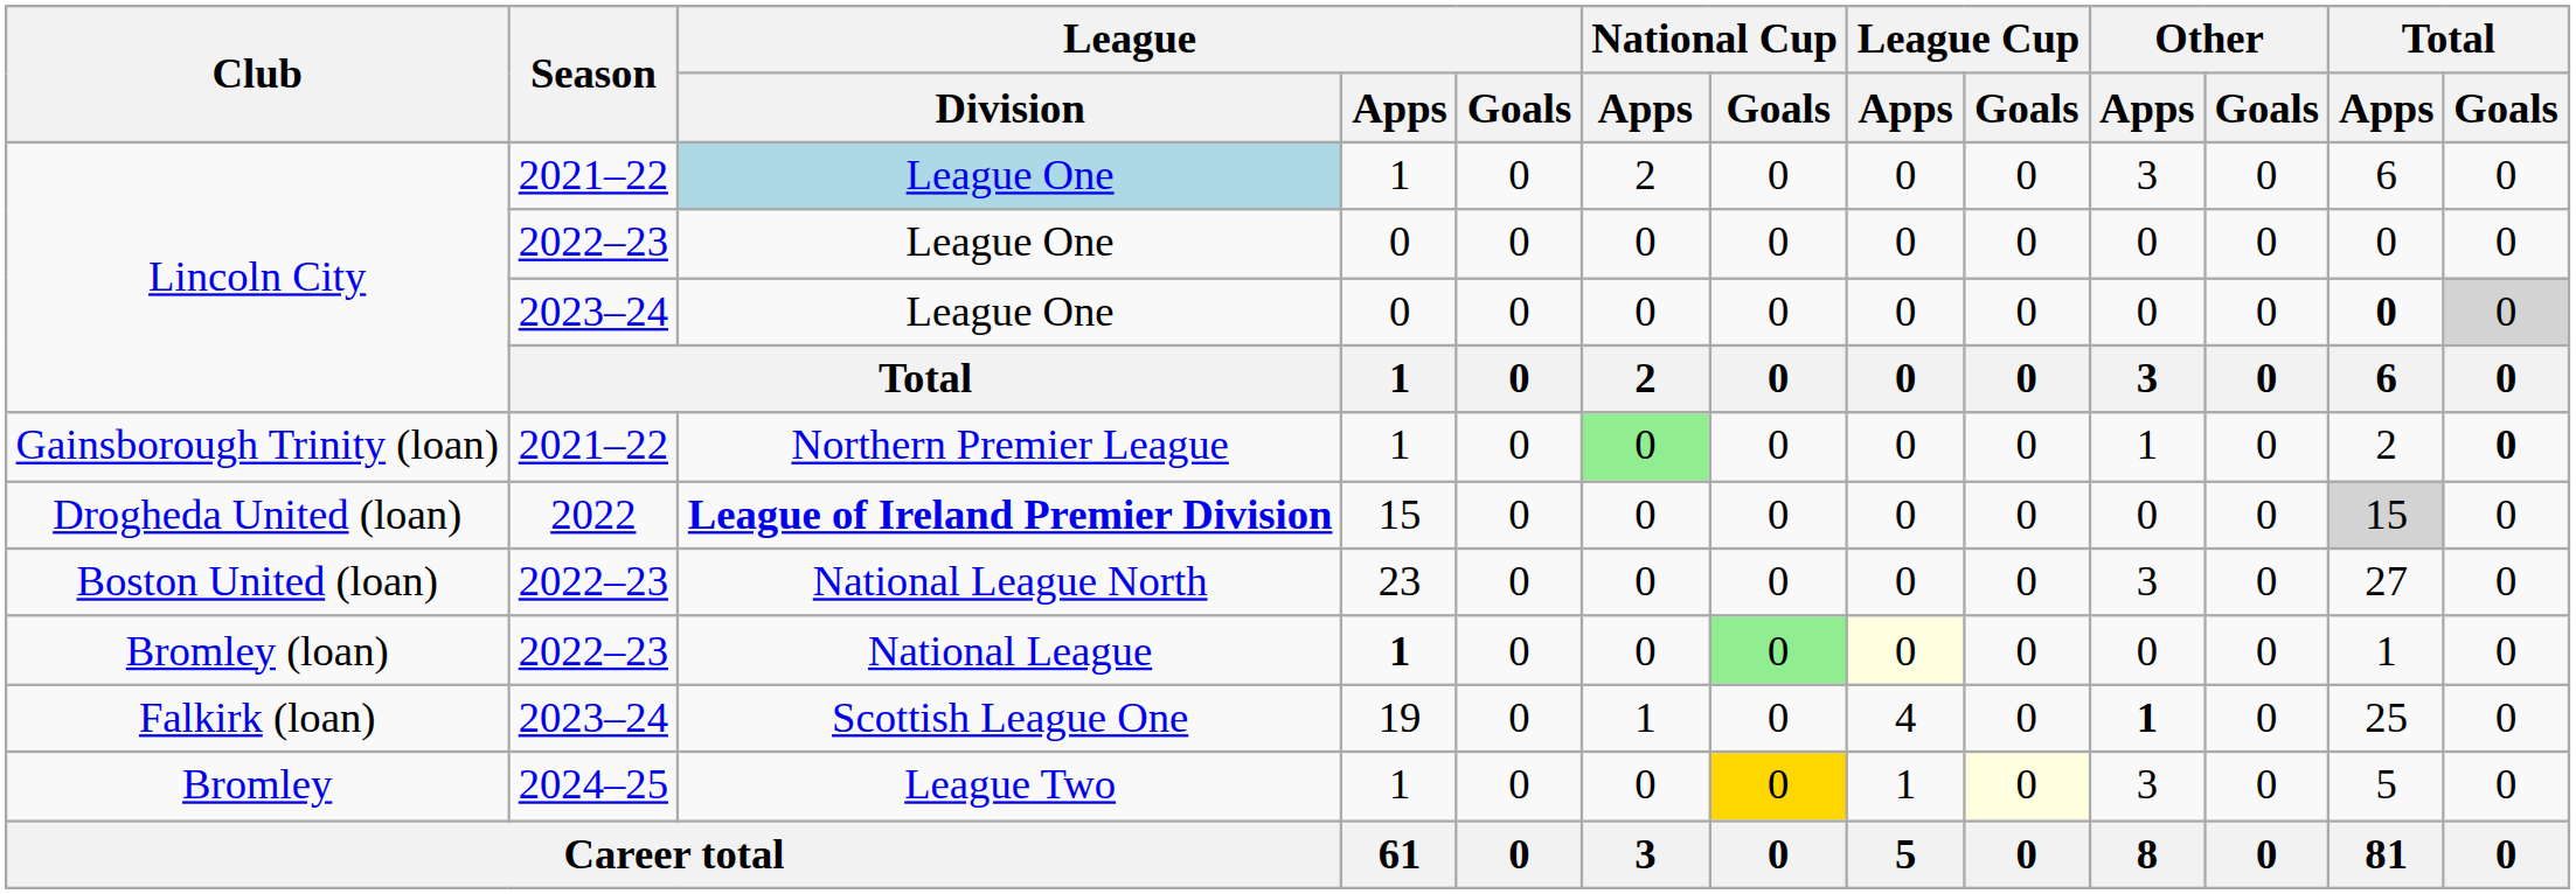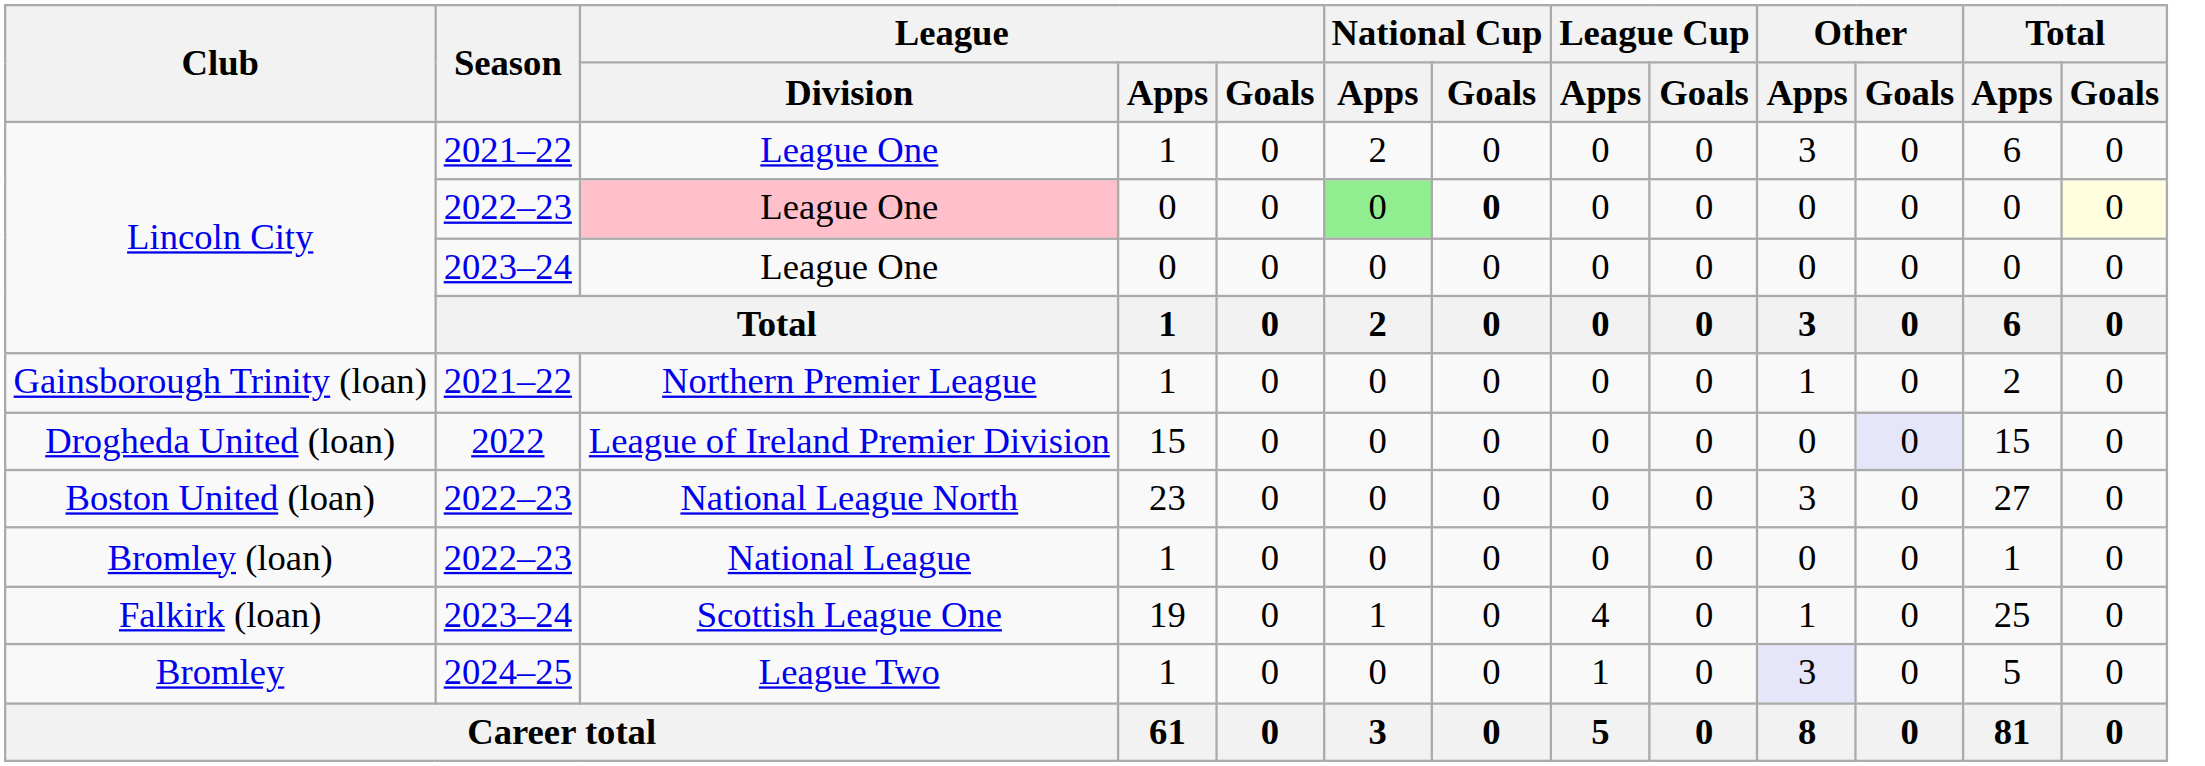 <table class="wikitable" style="text-align:center;">
 <tr>
 <th rowspan="2">Club</th>
 <th rowspan="2">Season</th>
 <th colspan="3">League</th>
 <th colspan="2">National Cup</th>
 <th colspan="2">League Cup</th>
 <th colspan="2">Other</th>
 <th colspan="2">Total</th>
 </tr>
 <tr>
 <th>Division</th>
 <th>Apps</th>
 <th>Goals</th>
 <th>Apps</th>
 <th>Goals</th>
 <th>Apps</th>
 <th>Goals</th>
 <th>Apps</th>
 <th>Goals</th>
 <th>Apps</th>
 <th>Goals</th>
 </tr>
 <tr>
 <td rowspan=4><a href='#'>Lincoln City</a></td>
 <td><a href='#'>2021–22</a></td>
-<td style="background: lightblue;"><a href='#'>League One</a></td>
+<td><a href='#'>League One</a></td>
 <td>1</td>
 <td>0</td>
 <td>2</td>
 <td>0</td>
 <td>0</td>
 <td>0</td>
 <td>3</td>
 <td>0</td>
 <td>6</td>
 <td>0</td>
 </tr>
 <tr>
 <td><a href='#'>2022–23</a></td>
-<td>League One</td>
+<td style="background: pink;">League One</td>
+<td>0</td>
+<td>0</td>
+<td style="background: lightgreen;">0</td>
+<td><strong>0</strong></td>
 <td>0</td>
 <td>0</td>
 <td>0</td>
 <td>0</td>
 <td>0</td>
-<td>0</td>
-<td>0</td>
-<td>0</td>
-<td>0</td>
-<td>0</td>
+<td style="background: lightyellow;">0</td>
 </tr>
 <tr>
 <td><a href='#'>2023–24</a></td>
 <td>League One</td>
 <td>0</td>
 <td>0</td>
 <td>0</td>
 <td>0</td>
 <td>0</td>
 <td>0</td>
 <td>0</td>
 <td>0</td>
-<td><strong>0</strong></td>
-<td style="background: lightgrey;">0</td>
+<td>0</td>
+<td>0</td>
 </tr>
 <tr>
 <th colspan="2">Total</th>
 <th>1</th>
 <th>0</th>
 <th>2</th>
 <th>0</th>
 <th>0</th>
 <th>0</th>
 <th>3</th>
 <th>0</th>
 <th>6</th>
 <th>0</th>
 </tr>
 <tr>
 <td><a href='#'>Gainsborough Trinity</a> (loan)</td>
 <td><a href='#'>2021–22</a></td>
 <td><a href='#'>Northern Premier League</a></td>
 <td>1</td>
 <td>0</td>
-<td style="background: lightgreen;">0</td>
+<td>0</td>
 <td>0</td>
 <td>0</td>
 <td>0</td>
 <td>1</td>
 <td>0</td>
 <td>2</td>
-<td><strong>0</strong></td>
+<td>0</td>
 </tr>
 <tr>
 <td><a href='#'>Drogheda United</a> (loan)</td>
 <td><a href='#'>2022</a></td>
-<td><strong><a href='#'>League of Ireland Premier Division</a></strong></td>
+<td><a href='#'>League of Ireland Premier Division</a></td>
 <td>15</td>
 <td>0</td>
 <td>0</td>
 <td>0</td>
 <td>0</td>
 <td>0</td>
 <td>0</td>
-<td>0</td>
-<td style="background: lightgrey;">15</td>
+<td style="background: lavender;">0</td>
+<td>15</td>
 <td>0</td>
 </tr>
 <tr>
 <td><a href='#'>Boston United</a> (loan)</td>
 <td><a href='#'>2022–23</a></td>
 <td><a href='#'>National League North</a></td>
 <td>23</td>
 <td>0</td>
 <td>0</td>
 <td>0</td>
 <td>0</td>
 <td>0</td>
 <td>3</td>
 <td>0</td>
 <td>27</td>
 <td>0</td>
 </tr>
 <tr>
 <td><a href='#'>Bromley</a> (loan)</td>
 <td><a href='#'>2022–23</a></td>
 <td><a href='#'>National League</a></td>
-<td><strong>1</strong></td>
+<td>1</td>
 <td>0</td>
 <td>0</td>
-<td style="background: lightgreen;">0</td>
-<td style="background: lightyellow;">0</td>
+<td>0</td>
+<td>0</td>
 <td>0</td>
 <td>0</td>
 <td>0</td>
 <td>1</td>
 <td>0</td>
 </tr>
 <tr>
 <td><a href='#'>Falkirk</a> (loan)</td>
 <td><a href='#'>2023–24</a></td>
 <td><a href='#'>Scottish League One</a></td>
 <td>19</td>
 <td>0</td>
 <td>1</td>
 <td>0</td>
 <td>4</td>
 <td>0</td>
-<td><strong>1</strong></td>
+<td>1</td>
 <td>0</td>
 <td>25</td>
 <td>0</td>
 </tr>
 <tr>
 <td><a href='#'>Bromley</a></td>
 <td><a href='#'>2024–25</a></td>
 <td><a href='#'>League Two</a></td>
 <td>1</td>
 <td>0</td>
 <td>0</td>
-<td style="background: gold;">0</td>
+<td>0</td>
 <td>1</td>
-<td style="background: lightyellow;">0</td>
-<td>3</td>
+<td>0</td>
+<td style="background: lavender;">3</td>
 <td>0</td>
 <td>5</td>
 <td>0</td>
 </tr>
 <tr>
 <th colspan="3">Career total</th>
 <th>61</th>
 <th>0</th>
 <th>3</th>
 <th>0</th>
 <th>5</th>
 <th>0</th>
 <th>8</th>
 <th>0</th>
 <th>81</th>
 <th>0</th>
 </tr>
 </table>
